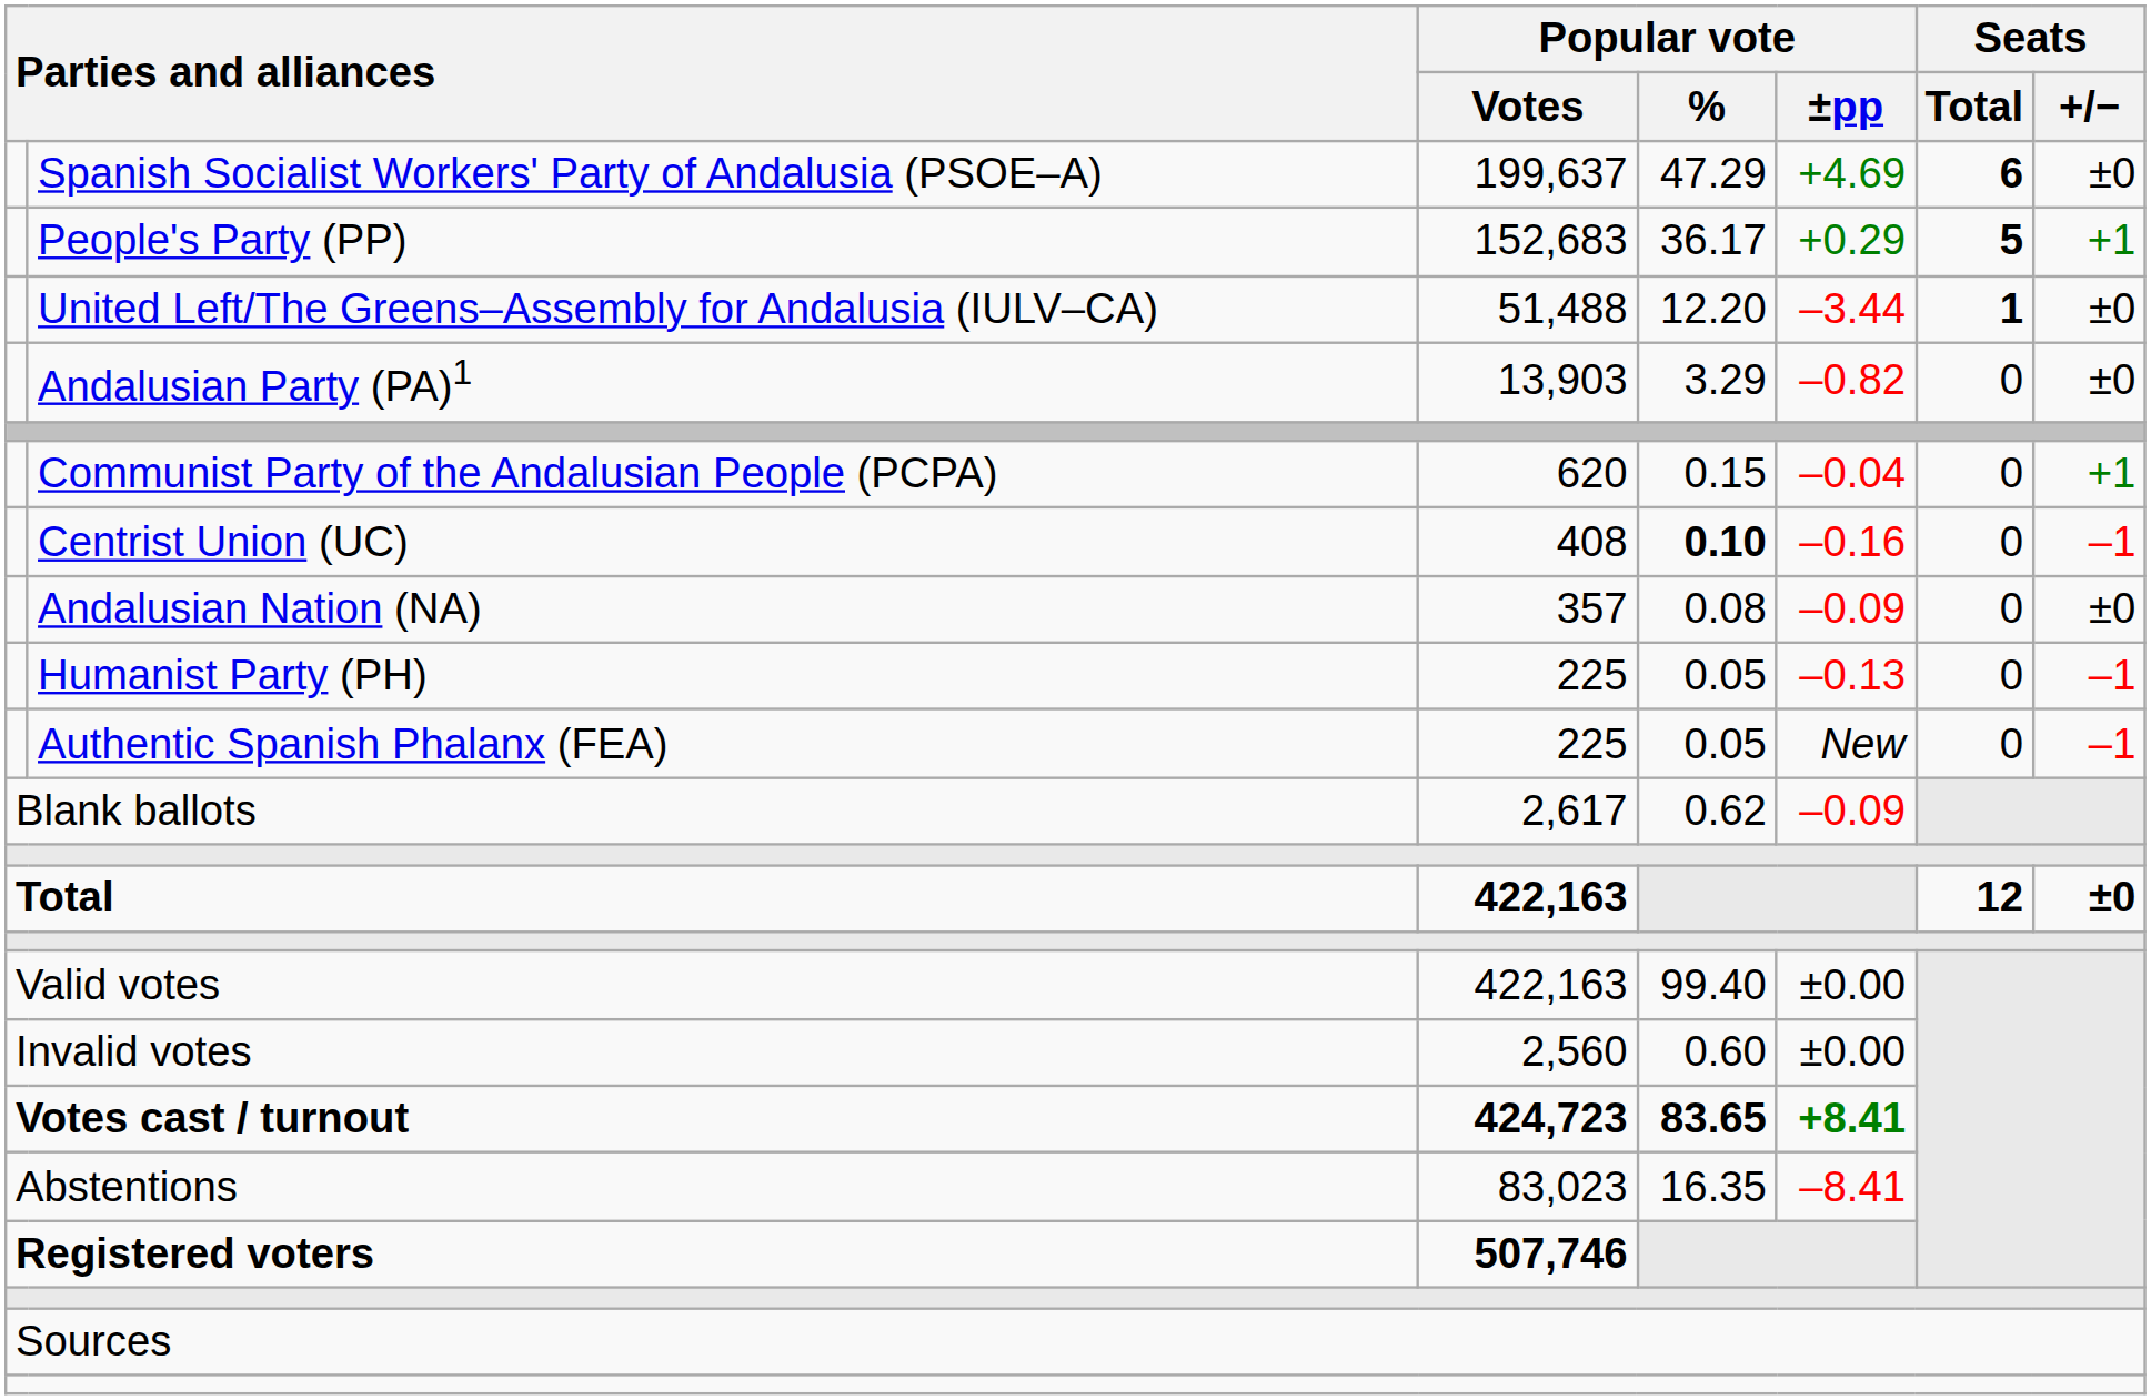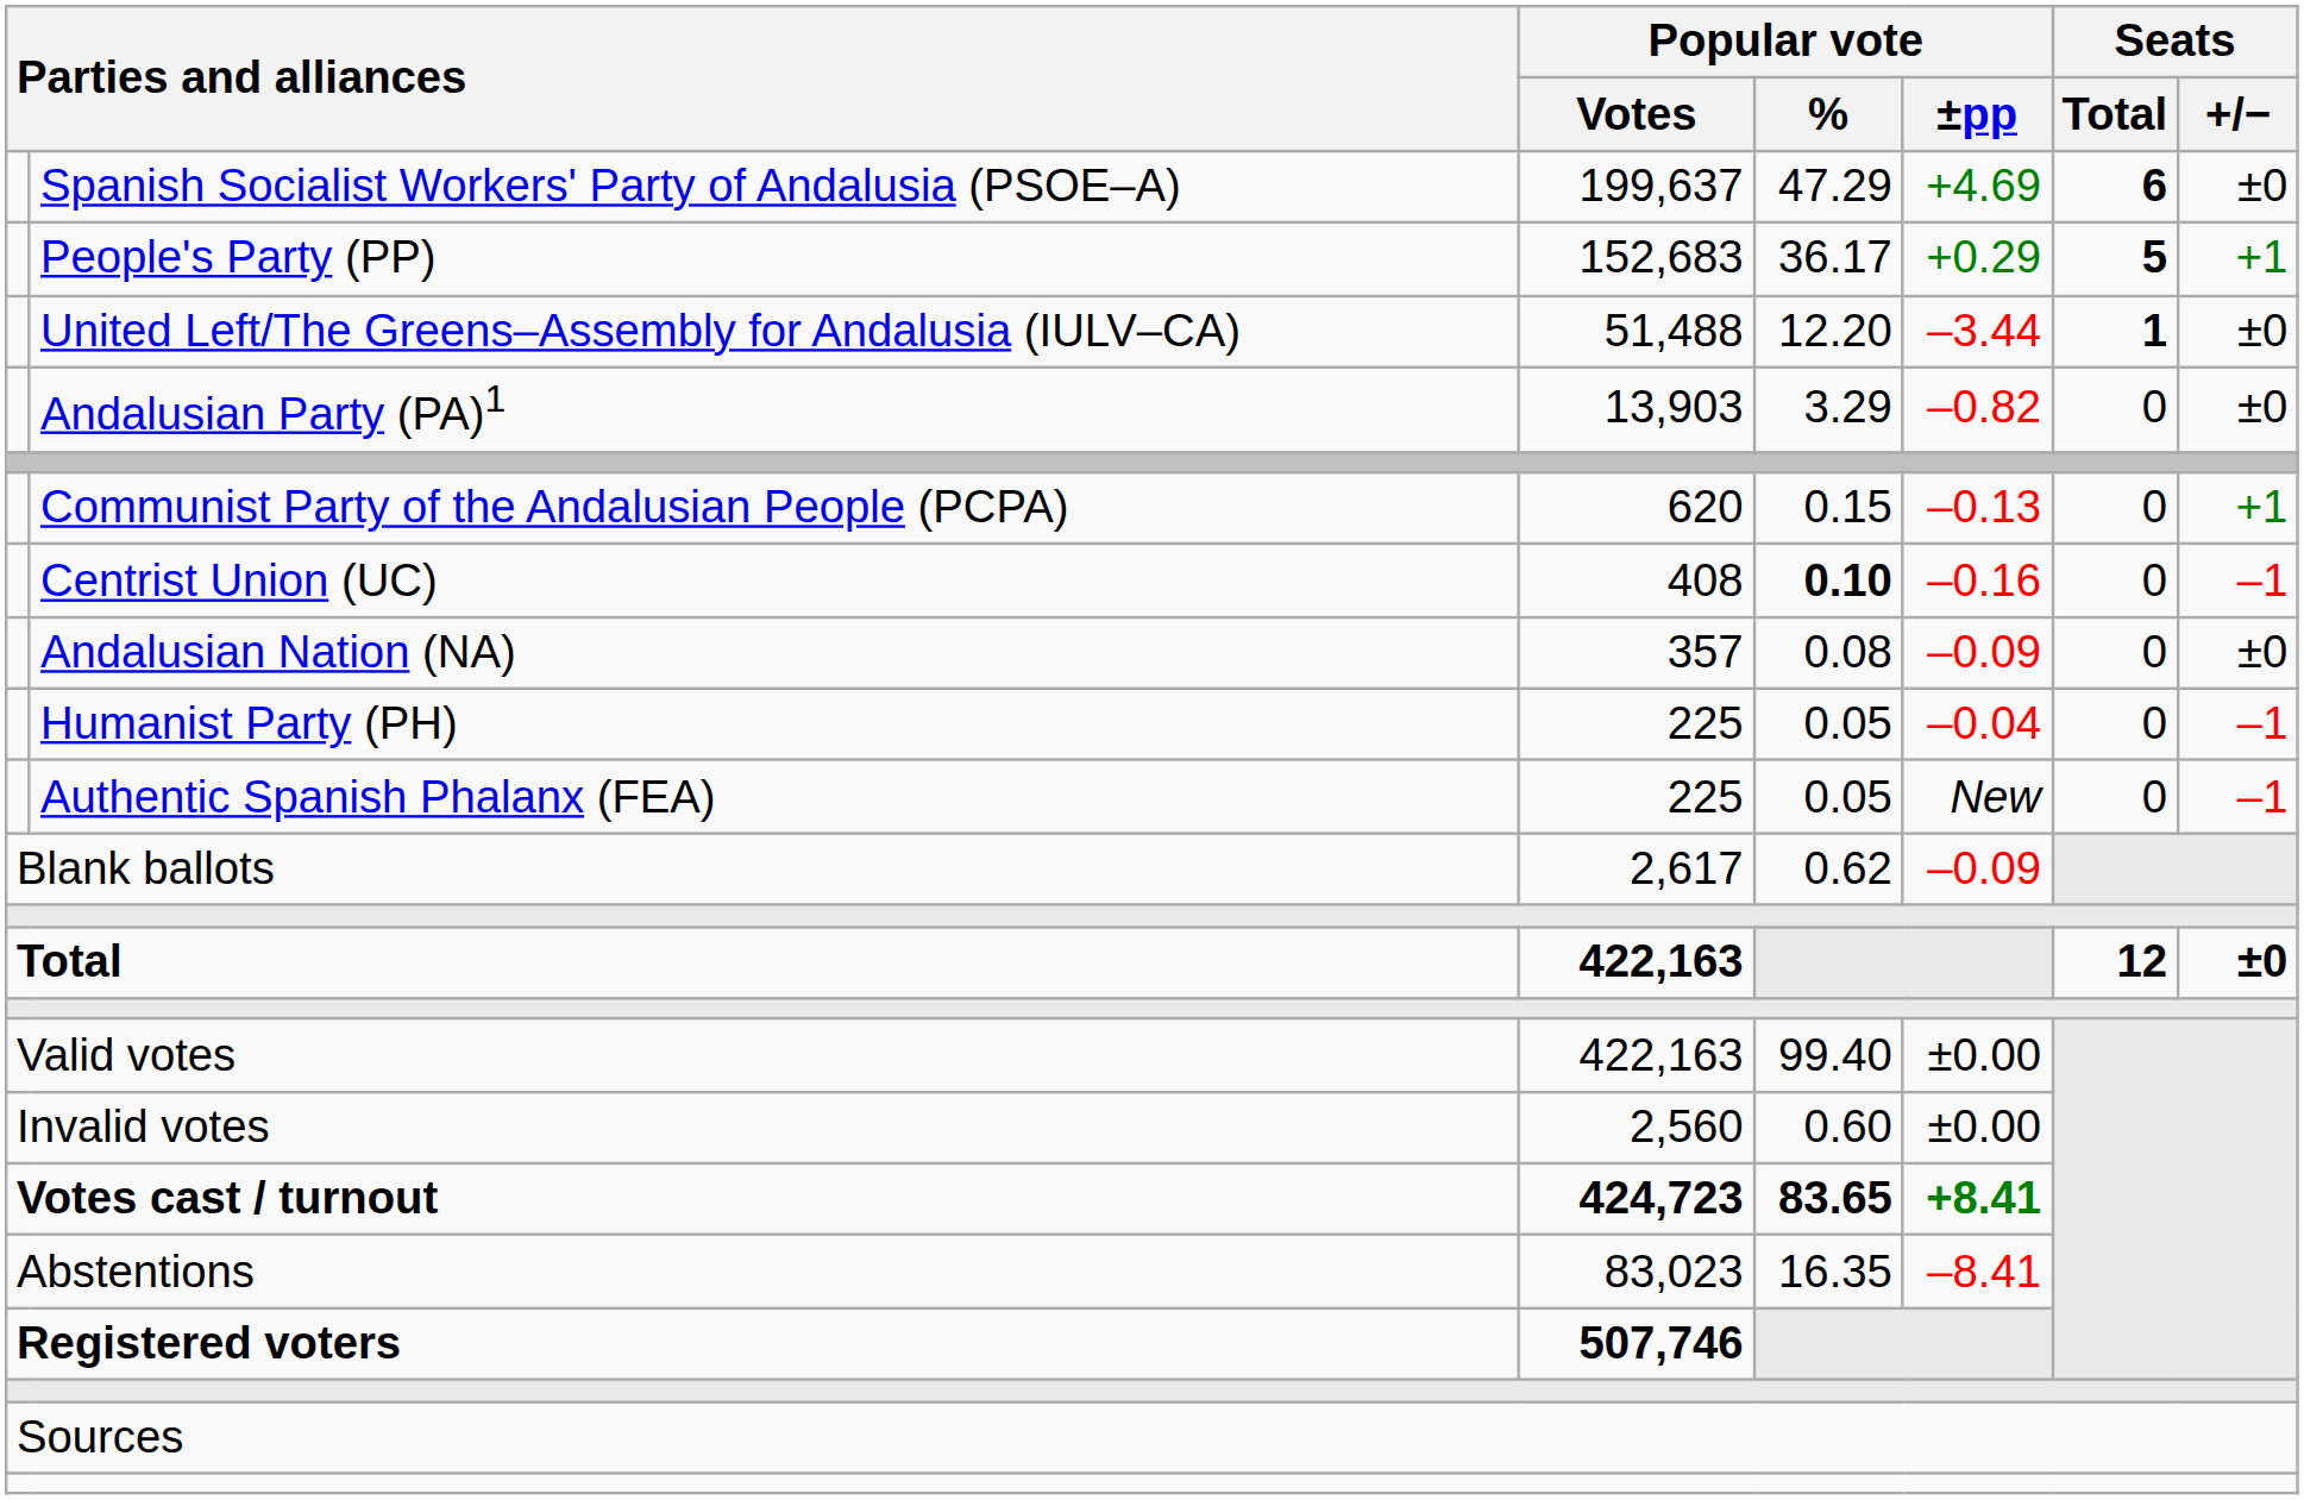 <table class="wikitable" style="text-align:right;">
 <tr>
 <th style="text-align:left;" rowspan="2" colspan="2" width="525">Parties and alliances</th>
 <th colspan="3">Popular vote</th>
 <th colspan="2">Seats</th>
 </tr>
 <tr>
 <th width="75">Votes</th>
 <th width="45">%</th>
 <th width="45">±<a href='#'>pp</a></th>
 <th width="35">Total</th>
 <th width="35">+/−</th>
 </tr>
 <tr>
 <td width="1" style="color:inherit;background:"></td>
 <td align="left"><a href='#'>Spanish Socialist Workers' Party of Andalusia</a> (PSOE–A)</td>
 <td>199,637</td>
 <td>47.29</td>
 <td style="color:green;">+4.69</td>
 <td><strong>6</strong></td>
 <td>±0</td>
 </tr>
 <tr>
 <td style="color:inherit;background:"></td>
 <td align="left"><a href='#'>People's Party</a> (PP)</td>
 <td>152,683</td>
 <td>36.17</td>
 <td style="color:green;">+0.29</td>
 <td><strong>5</strong></td>
 <td style="color:green;">+1</td>
 </tr>
 <tr>
 <td style="color:inherit;background:"></td>
 <td align="left"><a href='#'>United Left/The Greens–Assembly for Andalusia</a> (IULV–CA)</td>
 <td>51,488</td>
 <td>12.20</td>
 <td style="color:red;">–3.44</td>
 <td><strong>1</strong></td>
 <td>±0</td>
 </tr>
 <tr>
 <td style="color:inherit;background:"></td>
 <td align="left"><a href='#'>Andalusian Party</a> (PA)<sup>1</sup></td>
 <td>13,903</td>
 <td>3.29</td>
 <td style="color:red;">–0.82</td>
 <td>0</td>
 <td>±0</td>
 </tr>
 <tr>
 <td colspan="7" bgcolor="#C0C0C0"></td>
 </tr>
 <tr>
 <td style="color:inherit;background:"></td>
 <td align="left"><a href='#'>Communist Party of the Andalusian People</a> (PCPA)</td>
 <td>620</td>
 <td>0.15</td>
-<td style="color:red;">–0.04</td>
+<td style="color:red;">–0.13</td>
 <td>0</td>
 <td style="color:green;">+1</td>
 </tr>
 <tr>
 <td style="color:inherit;background:"></td>
 <td align="left"><a href='#'>Centrist Union</a> (UC)</td>
 <td>408</td>
 <td><strong>0.10</strong></td>
 <td style="color:red;">–0.16</td>
 <td>0</td>
 <td style="color:red;">–1</td>
 </tr>
 <tr>
 <td style="color:inherit;background:"></td>
 <td align="left"><a href='#'>Andalusian Nation</a> (NA)</td>
 <td>357</td>
 <td>0.08</td>
 <td style="color:red;">–0.09</td>
 <td>0</td>
 <td>±0</td>
 </tr>
 <tr>
 <td style="color:inherit;background:"></td>
 <td align="left"><a href='#'>Humanist Party</a> (PH)</td>
 <td>225</td>
 <td>0.05</td>
-<td style="color:red;">–0.13</td>
+<td style="color:red;">–0.04</td>
 <td>0</td>
 <td style="color:red;">–1</td>
 </tr>
 <tr>
 <td style="color:inherit;background:"></td>
 <td align="left"><a href='#'>Authentic Spanish Phalanx</a> (FEA)</td>
 <td>225</td>
 <td>0.05</td>
 <td><em>New</em></td>
 <td>0</td>
 <td style="color:red;">–1</td>
 </tr>
 <tr>
 <td align="left" colspan="2">Blank ballots</td>
 <td>2,617</td>
 <td>0.62</td>
 <td style="color:red;">–0.09</td>
 <td bgcolor="#E9E9E9" colspan="2"></td>
 </tr>
 <tr>
 <td colspan="7" bgcolor="#E9E9E9"></td>
 </tr>
 <tr style="font-weight:bold;">
 <td align="left" colspan="2">Total</td>
 <td>422,163</td>
 <td bgcolor="#E9E9E9" colspan="2"></td>
 <td>12</td>
 <td>±0</td>
 </tr>
 <tr>
 <td colspan="7" bgcolor="#E9E9E9"></td>
 </tr>
 <tr>
 <td align="left" colspan="2">Valid votes</td>
 <td>422,163</td>
 <td>99.40</td>
 <td>±0.00</td>
 <td bgcolor="#E9E9E9" colspan="2" rowspan="5"></td>
 </tr>
 <tr>
 <td align="left" colspan="2">Invalid votes</td>
 <td>2,560</td>
 <td>0.60</td>
 <td>±0.00</td>
 </tr>
 <tr style="font-weight:bold;">
 <td align="left" colspan="2">Votes cast / turnout</td>
 <td>424,723</td>
 <td>83.65</td>
 <td style="color:green;">+8.41</td>
 </tr>
 <tr>
 <td align="left" colspan="2">Abstentions</td>
 <td>83,023</td>
 <td>16.35</td>
 <td style="color:red;">–8.41</td>
 </tr>
 <tr style="font-weight:bold;">
 <td align="left" colspan="2">Registered voters</td>
 <td>507,746</td>
 <td bgcolor="#E9E9E9" colspan="2"></td>
 </tr>
 <tr>
 <td colspan="7" bgcolor="#E9E9E9"></td>
 </tr>
 <tr>
 <td align="left" colspan="7">Sources</td>
 </tr>
 <tr>
 <td colspan="7" style="text-align:left; max-width:790px;"></td>
 </tr>
 </table>
